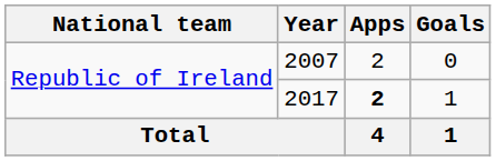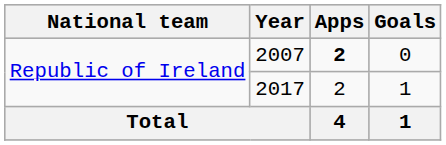 <table class=wikitable style=text-align:center>
 <tr>
 <th>National team</th>
 <th>Year</th>
 <th>Apps</th>
 <th>Goals</th>
 </tr>
 <tr>
 <td rowspan=2><a href='#'>Republic of Ireland</a></td>
 <td>2007</td>
-<td>2</td>
+<td><strong>2</strong></td>
 <td>0</td>
 </tr>
 <tr>
 <td>2017</td>
-<td><strong>2</strong></td>
+<td>2</td>
 <td>1</td>
 </tr>
 <tr>
 <th colspan=2>Total</th>
 <th>4</th>
 <th>1</th>
 </tr>
 </table>
